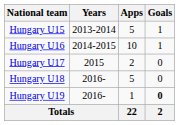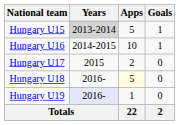 <table class="wikitable" style="font-size:90%; text-align: center;">
 <tr>
 <th>National team</th>
 <th>Years</th>
 <th>Apps</th>
 <th>Goals</th>
 </tr>
 <tr>
 <td rowspan=1><a href='#'>Hungary U15</a></td>
-<td>2013-2014</td>
+<td style="background: lightgrey;">2013-2014</td>
 <td>5</td>
 <td>1</td>
 </tr>
 <tr>
 <td rowspan=1><a href='#'>Hungary U16</a></td>
 <td>2014-2015</td>
 <td>10</td>
 <td>1</td>
 </tr>
 <tr>
 <td rowspan=1><a href='#'>Hungary U17</a></td>
 <td>2015</td>
 <td>2</td>
 <td>0</td>
 </tr>
 <tr>
 <td rowspan=1><a href='#'>Hungary U18</a></td>
 <td>2016-</td>
-<td>5</td>
+<td style="background: lightyellow;">5</td>
 <td>0</td>
 </tr>
 <tr>
 <td rowspan=1><a href='#'>Hungary U19</a></td>
-<td>2016-</td>
+<td style="background: lavender;">2016-</td>
 <td>1</td>
-<td><strong>0</strong></td>
+<td>0</td>
 </tr>
 <tr>
 <th colspan=2>Totals</th>
 <th>22</th>
 <th>2</th>
 </tr>
 </table>
